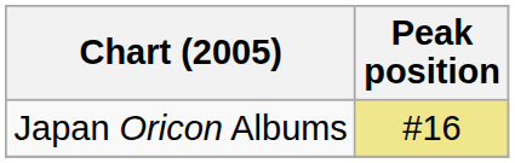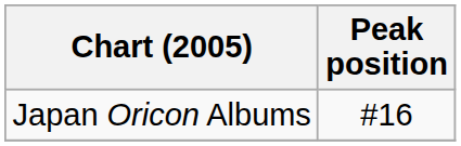 <table class="wikitable">
 <tr>
 <th align="left">Chart (2005)</th>
 <th align="center">Peak<br>position</th>
 </tr>
 <tr>
 <td>Japan <em>Oricon</em> Albums</td>
-<td align="center" style="background: khaki;">#16</td>
+<td align="center">#16</td>
 </tr>
 <tr>
 </tr>
 </table>
